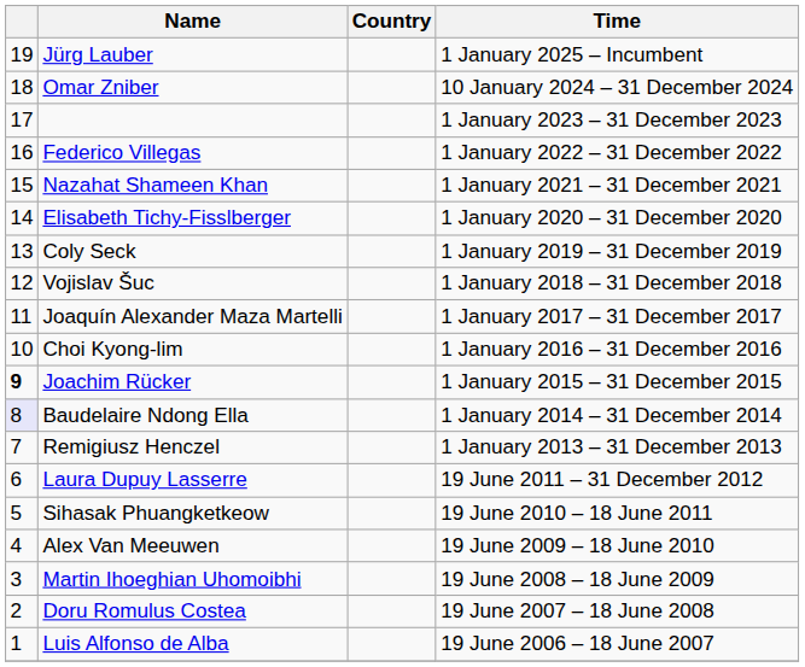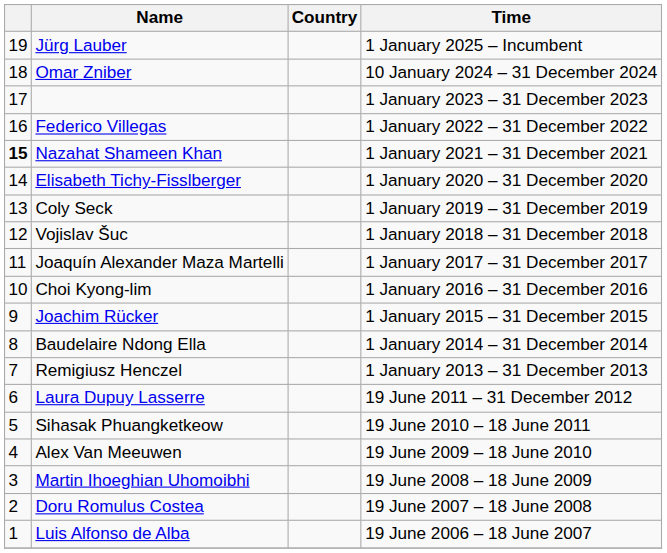 <table class="wikitable">
 <tr>
 <th></th>
 <th>Name</th>
 <th>Country</th>
 <th>Time</th>
 </tr>
 <tr>
 <td>19</td>
 <td><a href='#'>Jürg Lauber</a></td>
 <td></td>
 <td>1 January 2025 – Incumbent</td>
 </tr>
 <tr>
 <td>18</td>
 <td><a href='#'>Omar Zniber</a></td>
 <td></td>
 <td>10 January 2024 – 31 December 2024</td>
 </tr>
 <tr>
 <td>17</td>
 <td></td>
 <td></td>
 <td>1 January 2023 – 31 December 2023</td>
 </tr>
 <tr>
 <td>16</td>
 <td><a href='#'>Federico Villegas</a></td>
 <td></td>
 <td>1 January 2022 – 31 December 2022</td>
 </tr>
 <tr>
-<td>15</td>
+<td><strong>15</strong></td>
 <td><a href='#'>Nazahat Shameen Khan</a></td>
 <td></td>
 <td>1 January 2021 – 31 December 2021</td>
 </tr>
 <tr>
 <td>14</td>
 <td><a href='#'>Elisabeth Tichy-Fisslberger</a></td>
 <td></td>
 <td>1 January 2020 – 31 December 2020</td>
 </tr>
 <tr>
 <td>13</td>
 <td>Coly Seck</td>
 <td></td>
 <td>1 January 2019 – 31 December 2019</td>
 </tr>
 <tr>
 <td>12</td>
 <td>Vojislav Šuc</td>
 <td></td>
 <td>1 January 2018 – 31 December 2018</td>
 </tr>
 <tr>
 <td>11</td>
 <td>Joaquín Alexander Maza Martelli</td>
 <td></td>
 <td>1 January 2017 – 31 December 2017</td>
 </tr>
 <tr>
 <td>10</td>
 <td>Choi Kyong-lim</td>
 <td></td>
 <td>1 January 2016 – 31 December 2016</td>
 </tr>
 <tr>
-<td><strong>9</strong></td>
+<td>9</td>
 <td><a href='#'>Joachim Rücker</a></td>
 <td></td>
 <td>1 January 2015 – 31 December 2015</td>
 </tr>
 <tr>
-<td style="background: lavender;">8</td>
+<td>8</td>
 <td>Baudelaire Ndong Ella</td>
 <td></td>
 <td>1 January 2014 – 31 December 2014</td>
 </tr>
 <tr>
 <td>7</td>
 <td>Remigiusz Henczel</td>
 <td></td>
 <td>1 January 2013 – 31 December 2013</td>
 </tr>
 <tr>
 <td>6</td>
 <td><a href='#'>Laura Dupuy Lasserre</a></td>
 <td></td>
 <td>19 June 2011 – 31 December 2012</td>
 </tr>
 <tr>
 <td>5</td>
 <td>Sihasak Phuangketkeow</td>
 <td></td>
 <td>19 June 2010 – 18 June 2011</td>
 </tr>
 <tr>
 <td>4</td>
 <td>Alex Van Meeuwen</td>
 <td></td>
 <td>19 June 2009 – 18 June 2010</td>
 </tr>
 <tr>
 <td>3</td>
 <td><a href='#'>Martin Ihoeghian Uhomoibhi</a></td>
 <td></td>
 <td>19 June 2008 – 18 June 2009</td>
 </tr>
 <tr>
 <td>2</td>
 <td><a href='#'>Doru Romulus Costea</a></td>
 <td></td>
 <td>19 June 2007 – 18 June 2008</td>
 </tr>
 <tr>
 <td>1</td>
 <td><a href='#'>Luis Alfonso de Alba</a></td>
 <td></td>
 <td>19 June 2006 – 18 June 2007</td>
 </tr>
 <tr>
 </tr>
 </table>
